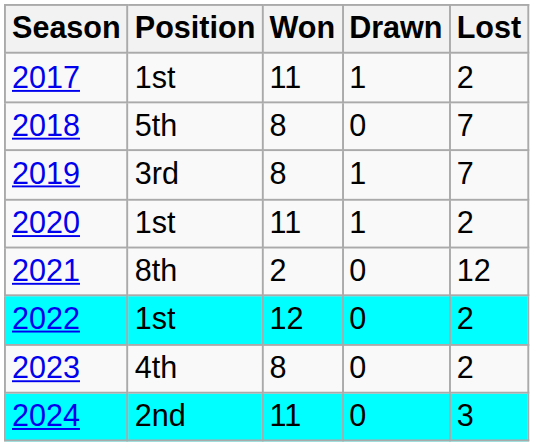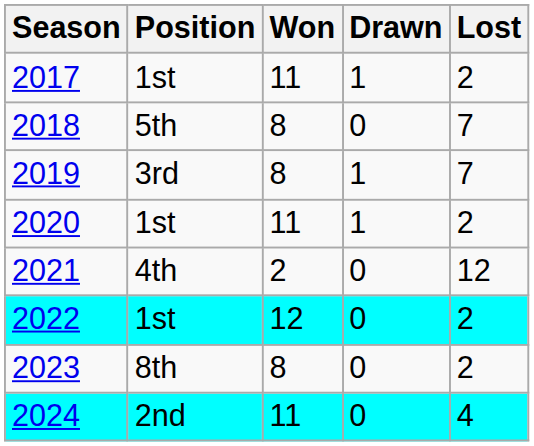 <table class="wikitable collapsible">
 <tr>
 <th>Season</th>
 <th>Position</th>
 <th>Won</th>
 <th>Drawn</th>
 <th>Lost</th>
 </tr>
 <tr style="background-color:#">
 <td><a href='#'>2017</a></td>
 <td>1st</td>
 <td>11</td>
 <td>1</td>
 <td>2</td>
 </tr>
 <tr>
 <td><a href='#'>2018</a></td>
 <td>5th</td>
 <td>8</td>
 <td>0</td>
 <td>7</td>
 </tr>
 <tr>
 <td><a href='#'>2019</a></td>
 <td>3rd</td>
 <td>8</td>
 <td>1</td>
 <td>7</td>
 </tr>
 <tr style="background-color:#">
 <td><a href='#'>2020</a></td>
 <td>1st</td>
 <td>11</td>
 <td>1</td>
 <td>2</td>
 </tr>
 <tr>
 <td><a href='#'>2021</a></td>
-<td>8th</td>
+<td>4th</td>
 <td>2</td>
 <td>0</td>
 <td>12</td>
 </tr>
 <tr>
 <td style="background:aqua;"><a href='#'>2022</a></td>
 <td style="background:aqua; ">1st</td>
 <td style="background:aqua; ">12</td>
 <td style="background:aqua; ">0</td>
 <td style="background:aqua; ">2</td>
 </tr>
 <tr>
 <td><a href='#'>2023</a></td>
-<td>4th</td>
+<td>8th</td>
 <td>8</td>
 <td>0</td>
 <td>2</td>
 </tr>
 <tr>
 <td style="background:aqua;"><a href='#'>2024</a></td>
 <td style="background:aqua; ">2nd</td>
 <td style="background:aqua; ">11</td>
 <td style="background:aqua; ">0</td>
-<td style="background:aqua; ">3</td>
+<td style="background:aqua; ">4</td>
 </tr>
 </table>
